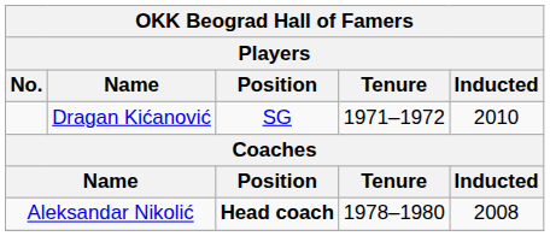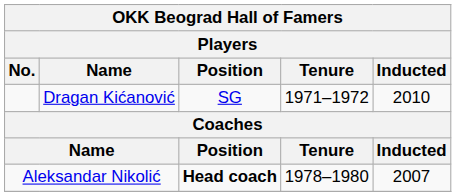 <table class="wikitable" style="text-align:center">
 <tr>
 <th colspan="5">OKK Beograd Hall of Famers</th>
 </tr>
 <tr>
 <th colspan="5">Players</th>
 </tr>
 <tr>
 <th>No.</th>
 <th>Name</th>
 <th>Position</th>
 <th>Tenure</th>
 <th>Inducted</th>
 </tr>
 <tr>
 <td></td>
 <td><a href='#'>Dragan Kićanović</a></td>
 <td><a href='#'>SG</a></td>
 <td>1971–1972</td>
 <td>2010</td>
 </tr>
 <tr>
 <th colspan="5">Coaches</th>
 </tr>
 <tr>
 <th colspan=2>Name</th>
 <th>Position</th>
 <th>Tenure</th>
 <th>Inducted</th>
 </tr>
 <tr>
 <td colspan=2><a href='#'>Aleksandar Nikolić</a></td>
 <td><strong>Head coach</strong></td>
 <td>1978–1980</td>
-<td>2008</td>
+<td>2007</td>
 </tr>
 <tr>
 </tr>
 </table>
